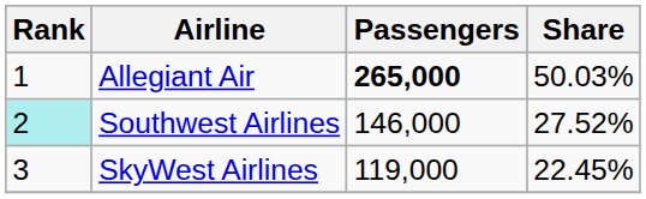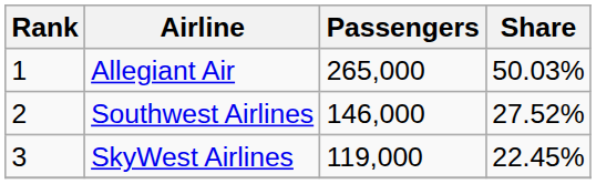 <table class="wikitable sortable" style="font-size: 95%">
 <tr>
 <th>Rank</th>
 <th>Airline</th>
 <th>Passengers</th>
 <th>Share</th>
 </tr>
 <tr>
 <td>1</td>
 <td><a href='#'>Allegiant Air</a></td>
-<td><strong>265,000</strong></td>
+<td>265,000</td>
 <td>50.03%</td>
 </tr>
 <tr>
-<td style="background: paleturquoise;">2</td>
+<td>2</td>
 <td><a href='#'>Southwest Airlines</a></td>
 <td>146,000</td>
 <td>27.52%</td>
 </tr>
 <tr>
 <td>3</td>
 <td><a href='#'>SkyWest Airlines</a></td>
 <td>119,000</td>
 <td>22.45%</td>
 </tr>
 <tr>
 </tr>
 </table>
